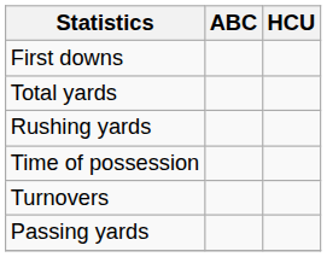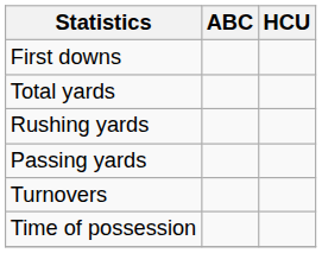 <table class="wikitable" style="float: left;">
 <tr>
 <th>Statistics</th>
 <th>ABC</th>
 <th>HCU</th>
 </tr>
 <tr>
 <td>First downs</td>
 <td></td>
 <td></td>
 </tr>
 <tr>
 <td>Total yards</td>
 <td></td>
 <td></td>
 </tr>
 <tr>
 <td>Rushing yards</td>
 <td></td>
 <td></td>
 </tr>
 <tr>
-<td>Time of possession</td>
+<td>Passing yards</td>
 <td></td>
 <td></td>
 </tr>
 <tr>
 <td>Turnovers</td>
 <td></td>
 <td></td>
 </tr>
 <tr>
-<td>Passing yards</td>
+<td>Time of possession</td>
 <td></td>
 <td></td>
 </tr>
 <tr>
 </tr>
 </table>
